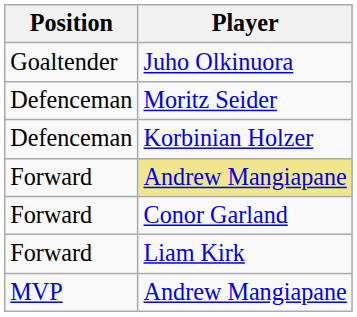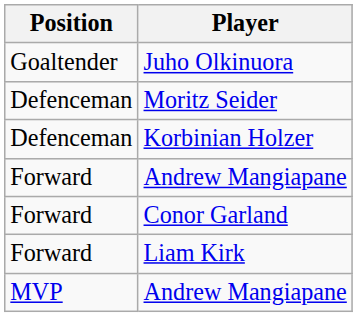 <table class="wikitable">
 <tr>
 <th>Position</th>
 <th>Player</th>
 </tr>
 <tr>
 <td>Goaltender</td>
 <td> <a href='#'>Juho Olkinuora</a></td>
 </tr>
 <tr>
 <td>Defenceman</td>
 <td> <a href='#'>Moritz Seider</a></td>
 </tr>
 <tr>
 <td>Defenceman</td>
 <td> <a href='#'>Korbinian Holzer</a></td>
 </tr>
 <tr>
 <td>Forward</td>
-<td style="background: khaki;"> <a href='#'>Andrew Mangiapane</a></td>
+<td> <a href='#'>Andrew Mangiapane</a></td>
 </tr>
 <tr>
 <td>Forward</td>
 <td> <a href='#'>Conor Garland</a></td>
 </tr>
 <tr>
 <td>Forward</td>
 <td> <a href='#'>Liam Kirk</a></td>
 </tr>
 <tr>
 <td><a href='#'>MVP</a></td>
 <td> <a href='#'>Andrew Mangiapane</a></td>
 </tr>
 </table>
